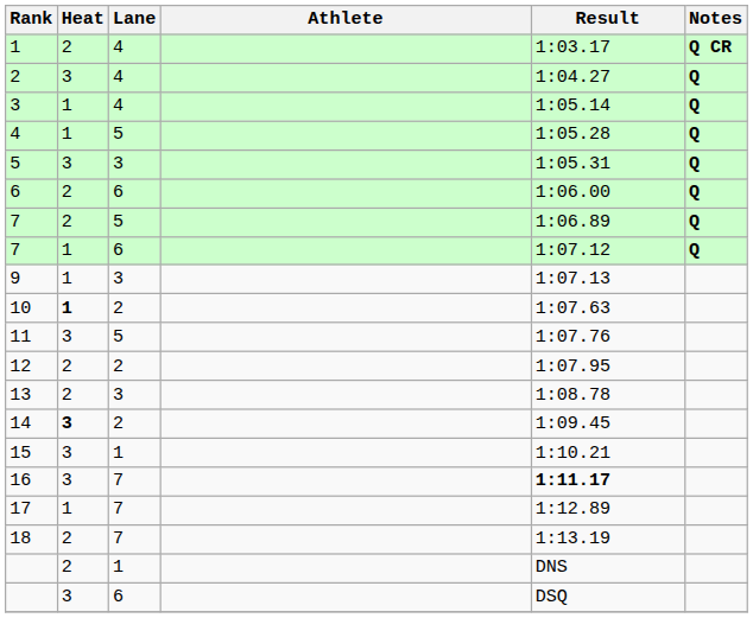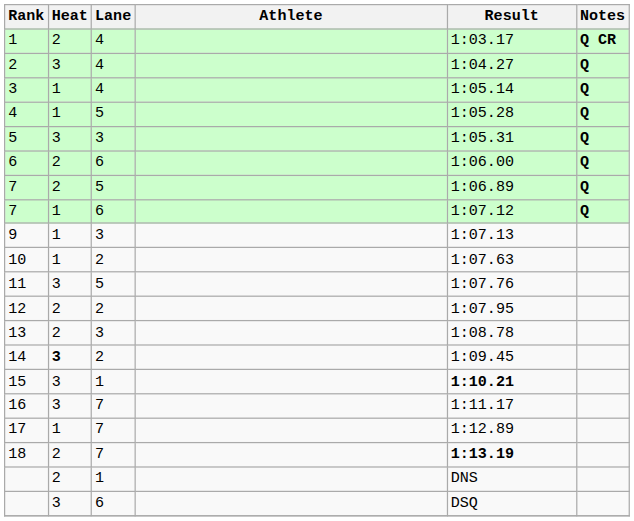 <table class="wikitable" style="font-size:95%" style="width:35em;" style="text-align:center">
 <tr>
 <th>Rank</th>
 <th>Heat</th>
 <th>Lane</th>
 <th width=250>Athlete</th>
 <th width=100>Result</th>
 <th>Notes</th>
 </tr>
 <tr bgcolor=ccffcc>
 <td>1</td>
 <td>2</td>
 <td>4</td>
 <td align=left></td>
 <td>1:03.17</td>
 <td><strong>Q CR</strong></td>
 </tr>
 <tr bgcolor=ccffcc>
 <td>2</td>
 <td>3</td>
 <td>4</td>
 <td align=left></td>
 <td>1:04.27</td>
 <td><strong>Q</strong></td>
 </tr>
 <tr bgcolor=ccffcc>
 <td>3</td>
 <td>1</td>
 <td>4</td>
 <td align=left></td>
 <td>1:05.14</td>
 <td><strong>Q</strong></td>
 </tr>
 <tr bgcolor=ccffcc>
 <td>4</td>
 <td>1</td>
 <td>5</td>
 <td align=left></td>
 <td>1:05.28</td>
 <td><strong>Q</strong></td>
 </tr>
 <tr bgcolor=ccffcc>
 <td>5</td>
 <td>3</td>
 <td>3</td>
 <td align=left></td>
 <td>1:05.31</td>
 <td><strong>Q</strong></td>
 </tr>
 <tr bgcolor=ccffcc>
 <td>6</td>
 <td>2</td>
 <td>6</td>
 <td align=left></td>
 <td>1:06.00</td>
 <td><strong>Q</strong></td>
 </tr>
 <tr bgcolor=ccffcc>
 <td>7</td>
 <td>2</td>
 <td>5</td>
 <td align=left></td>
 <td>1:06.89</td>
 <td><strong>Q</strong></td>
 </tr>
 <tr bgcolor=ccffcc>
 <td>7</td>
 <td>1</td>
 <td>6</td>
 <td align=left></td>
 <td>1:07.12</td>
 <td><strong>Q</strong></td>
 </tr>
 <tr>
 <td>9</td>
 <td>1</td>
 <td>3</td>
 <td align=left></td>
 <td>1:07.13</td>
 <td></td>
 </tr>
 <tr>
 <td>10</td>
-<td><strong>1</strong></td>
+<td>1</td>
 <td>2</td>
 <td align=left></td>
 <td>1:07.63</td>
 <td></td>
 </tr>
 <tr>
 <td>11</td>
 <td>3</td>
 <td>5</td>
 <td align=left></td>
 <td>1:07.76</td>
 <td></td>
 </tr>
 <tr>
 <td>12</td>
 <td>2</td>
 <td>2</td>
 <td align=left></td>
 <td>1:07.95</td>
 <td></td>
 </tr>
 <tr>
 <td>13</td>
 <td>2</td>
 <td>3</td>
 <td align=left></td>
 <td>1:08.78</td>
 <td></td>
 </tr>
 <tr>
 <td>14</td>
 <td><strong>3</strong></td>
 <td>2</td>
 <td align=left></td>
 <td>1:09.45</td>
 <td></td>
 </tr>
 <tr>
 <td>15</td>
 <td>3</td>
 <td>1</td>
 <td align=left></td>
-<td>1:10.21</td>
+<td><strong>1:10.21</strong></td>
 <td></td>
 </tr>
 <tr>
 <td>16</td>
 <td>3</td>
 <td>7</td>
 <td align=left></td>
-<td><strong>1:11.17</strong></td>
+<td>1:11.17</td>
 <td></td>
 </tr>
 <tr>
 <td>17</td>
 <td>1</td>
 <td>7</td>
 <td align=left></td>
 <td>1:12.89</td>
 <td></td>
 </tr>
 <tr>
 <td>18</td>
 <td>2</td>
 <td>7</td>
 <td align=left></td>
-<td>1:13.19</td>
+<td><strong>1:13.19</strong></td>
 <td></td>
 </tr>
 <tr>
 <td></td>
 <td>2</td>
 <td>1</td>
 <td align=left></td>
 <td>DNS</td>
 <td></td>
 </tr>
 <tr>
 <td></td>
 <td>3</td>
 <td>6</td>
 <td align=left></td>
 <td>DSQ</td>
 <td></td>
 </tr>
 <tr>
 </tr>
 </table>
